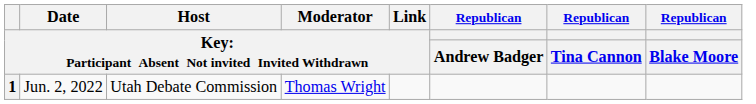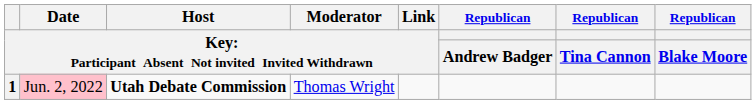 <table class="wikitable" style="text-align:center;">
 <tr>
 <th scope="col"></th>
 <th scope="col">Date</th>
 <th scope="col">Host</th>
 <th scope="col">Moderator</th>
 <th scope="col">Link</th>
 <th scope="col"><small><a href='#'>Republican</a></small></th>
 <th scope="col"><small><a href='#'>Republican</a></small></th>
 <th scope="col"><small><a href='#'>Republican</a></small></th>
 </tr>
 <tr>
 <th colspan="5" rowspan="2">Key:<br> <small>Participant </small>  <small>Absent </small>  <small>Not invited </small>  <small>Invited  Withdrawn</small></th>
 <th scope="col" style="background:"></th>
 <th scope="col" style="background:"></th>
 <th scope="col" style="background:"></th>
 </tr>
 <tr>
 <th scope="col">Andrew Badger</th>
 <th scope="col"><a href='#'>Tina Cannon</a></th>
 <th scope="col"><a href='#'>Blake Moore</a></th>
 </tr>
 <tr>
 <th>1</th>
-<td style="white-space:nowrap;">Jun. 2, 2022</td>
-<td style="white-space:nowrap;">Utah Debate Commission</td>
+<td style="background: pink; white-space:nowrap;">Jun. 2, 2022</td>
+<td style="white-space:nowrap;"><strong>Utah Debate Commission</strong></td>
 <td style="white-space:nowrap;"><a href='#'>Thomas Wright</a></td>
 <td style="white-space:nowrap;"></td>
 <td></td>
 <td></td>
 <td></td>
 </tr>
 </table>
